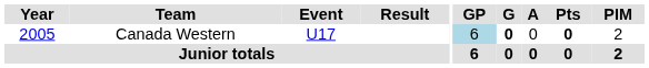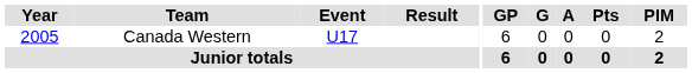 <table border="0" cellpadding="1" cellspacing="0" ID="Table3" style="text-align:center; width:40em">
 <tr ALIGN="centre" bgcolor="#e0e0e0">
 <th>Year</th>
 <th>Team</th>
 <th>Event</th>
 <th>Result</th>
 <th rowspan="99" bgcolor="#ffffff"></th>
 <th>GP</th>
 <th>G</th>
 <th>A</th>
 <th>Pts</th>
 <th>PIM</th>
 </tr>
 <tr>
 <td><a href='#'>2005</a></td>
 <td>Canada Western</td>
 <td><a href='#'>U17</a></td>
 <td></td>
-<td style="background: lightblue;">6</td>
-<td><strong>0</strong></td>
+<td>6</td>
 <td>0</td>
-<td><strong>0</strong></td>
+<td>0</td>
+<td>0</td>
 <td>2</td>
 </tr>
 <tr bgcolor="#e0e0e0">
 <th colspan="4">Junior totals</th>
 <th>6</th>
 <th>0</th>
 <th>0</th>
 <th>0</th>
 <th>2</th>
 </tr>
 </table>
